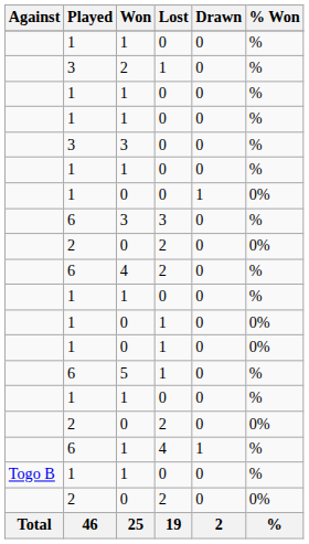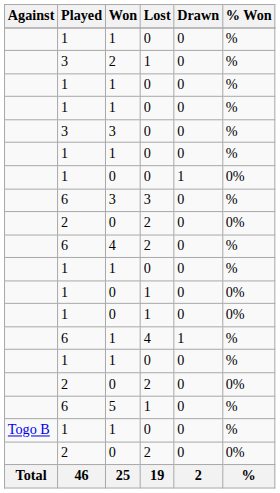 <table class="sortable wikitable" style="font-size: 87%;">
 <tr>
 <th>Against</th>
 <th>Played</th>
 <th>Won</th>
 <th>Lost</th>
 <th>Drawn</th>
 <th>% Won</th>
 </tr>
 <tr bgcolor="#d0ffd0" align="center">
 </tr>
 <tr>
 <td align="left"></td>
 <td>1</td>
 <td>1</td>
 <td>0</td>
 <td>0</td>
 <td>%</td>
 </tr>
 <tr>
 <td align="left"></td>
 <td>3</td>
 <td>2</td>
 <td>1</td>
 <td>0</td>
 <td>%</td>
 </tr>
 <tr>
 <td align="left"></td>
 <td>1</td>
 <td>1</td>
 <td>0</td>
 <td>0</td>
 <td>%</td>
 </tr>
 <tr>
 <td align="left"></td>
 <td>1</td>
 <td>1</td>
 <td>0</td>
 <td>0</td>
 <td>%</td>
 </tr>
 <tr>
 <td align="left"></td>
 <td>3</td>
 <td>3</td>
 <td>0</td>
 <td>0</td>
 <td>%</td>
 </tr>
 <tr>
 <td align="left"></td>
 <td>1</td>
 <td>1</td>
 <td>0</td>
 <td>0</td>
 <td>%</td>
 </tr>
 <tr>
 <td align="left"></td>
 <td>1</td>
 <td>0</td>
 <td>0</td>
 <td>1</td>
 <td>0%</td>
 </tr>
 <tr>
 <td align="left"></td>
 <td>6</td>
 <td>3</td>
 <td>3</td>
 <td>0</td>
 <td>%</td>
 </tr>
 <tr>
 <td align="left"></td>
 <td>2</td>
 <td>0</td>
 <td>2</td>
 <td>0</td>
 <td>0%</td>
 </tr>
 <tr>
 <td align="left"></td>
 <td>6</td>
 <td>4</td>
 <td>2</td>
 <td>0</td>
 <td>%</td>
 </tr>
 <tr>
 <td align="left"></td>
 <td>1</td>
 <td>1</td>
 <td>0</td>
 <td>0</td>
 <td>%</td>
 </tr>
 <tr>
 <td align="left"></td>
 <td>1</td>
 <td>0</td>
 <td>1</td>
 <td>0</td>
 <td>0%</td>
 </tr>
 <tr>
 <td align="left"></td>
 <td>1</td>
 <td>0</td>
 <td>1</td>
 <td>0</td>
 <td>0%</td>
 </tr>
 <tr>
 <td align="left"></td>
 <td>6</td>
-<td>5</td>
 <td>1</td>
-<td>0</td>
+<td>4</td>
+<td>1</td>
 <td>%</td>
 </tr>
 <tr>
 <td align="left"></td>
 <td>1</td>
 <td>1</td>
 <td>0</td>
 <td>0</td>
 <td>%</td>
 </tr>
 <tr>
 <td align="left"></td>
 <td>2</td>
 <td>0</td>
 <td>2</td>
 <td>0</td>
 <td>0%</td>
 </tr>
 <tr>
 <td align="left"></td>
 <td>6</td>
+<td>5</td>
 <td>1</td>
-<td>4</td>
-<td>1</td>
+<td>0</td>
 <td>%</td>
 </tr>
 <tr>
 <td align="left"> <a href='#'>Togo B</a></td>
 <td>1</td>
 <td>1</td>
 <td>0</td>
 <td>0</td>
 <td>%</td>
 </tr>
 <tr>
 <td align="left"></td>
 <td>2</td>
 <td>0</td>
 <td>2</td>
 <td>0</td>
 <td>0%</td>
 </tr>
 <tr>
 <th>Total</th>
 <th><strong>46</strong></th>
 <th><strong>25</strong></th>
 <th><strong>19</strong></th>
 <th><strong>2</strong></th>
 <th><strong>%</strong></th>
 </tr>
 </table>
